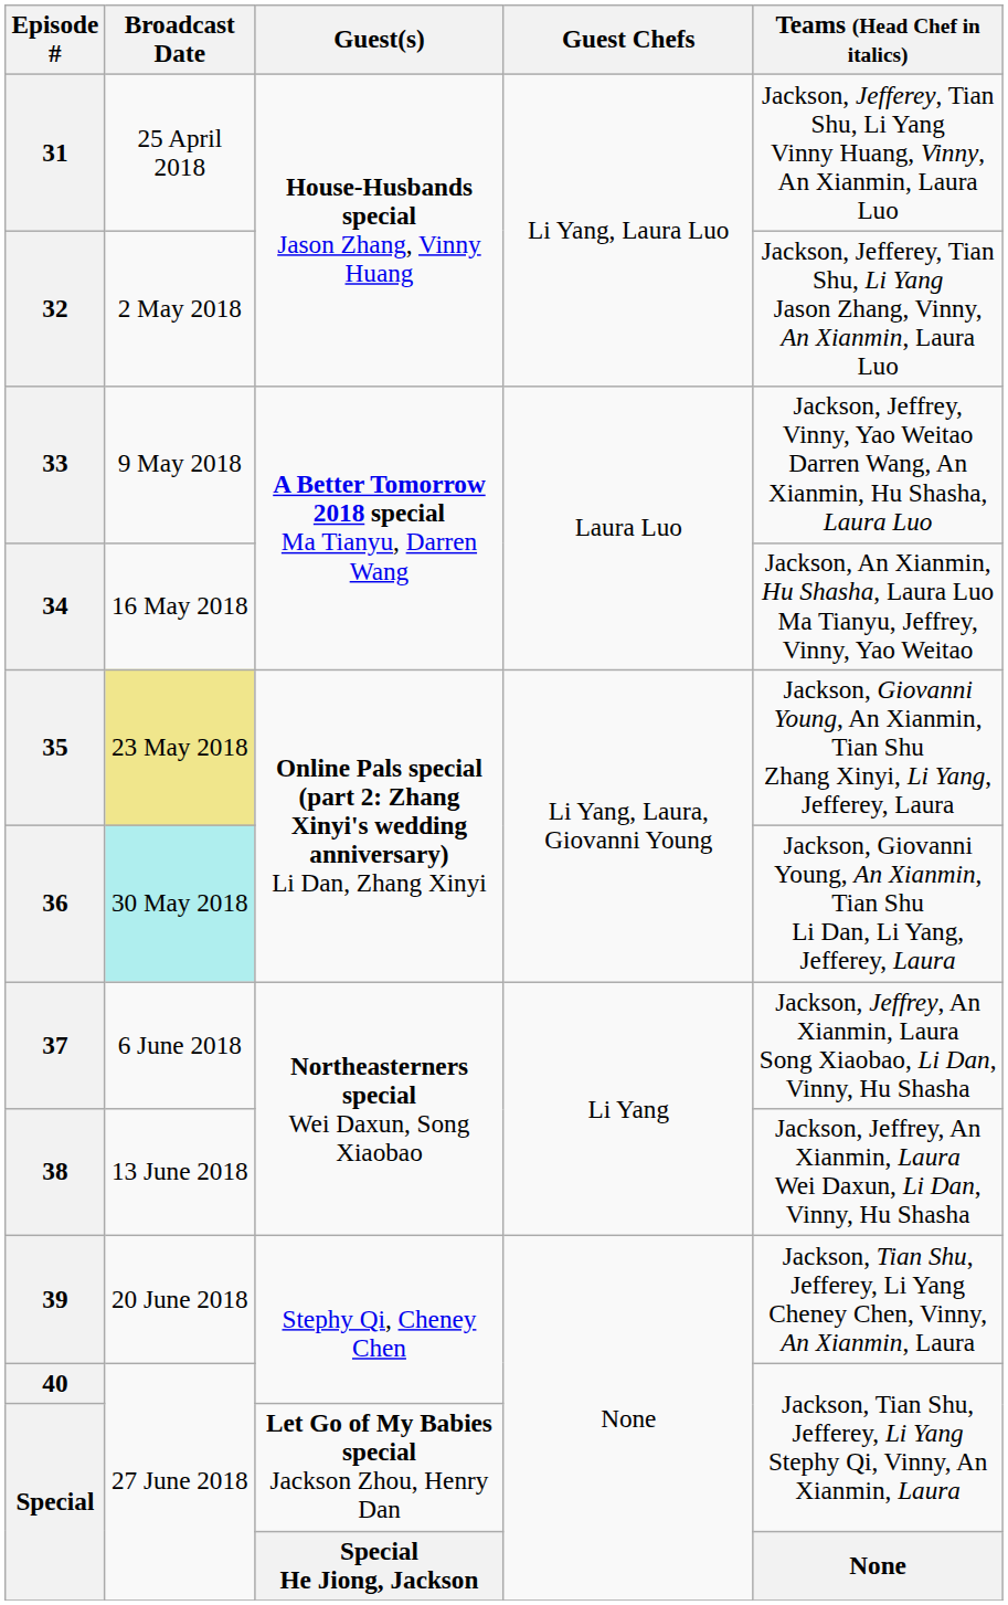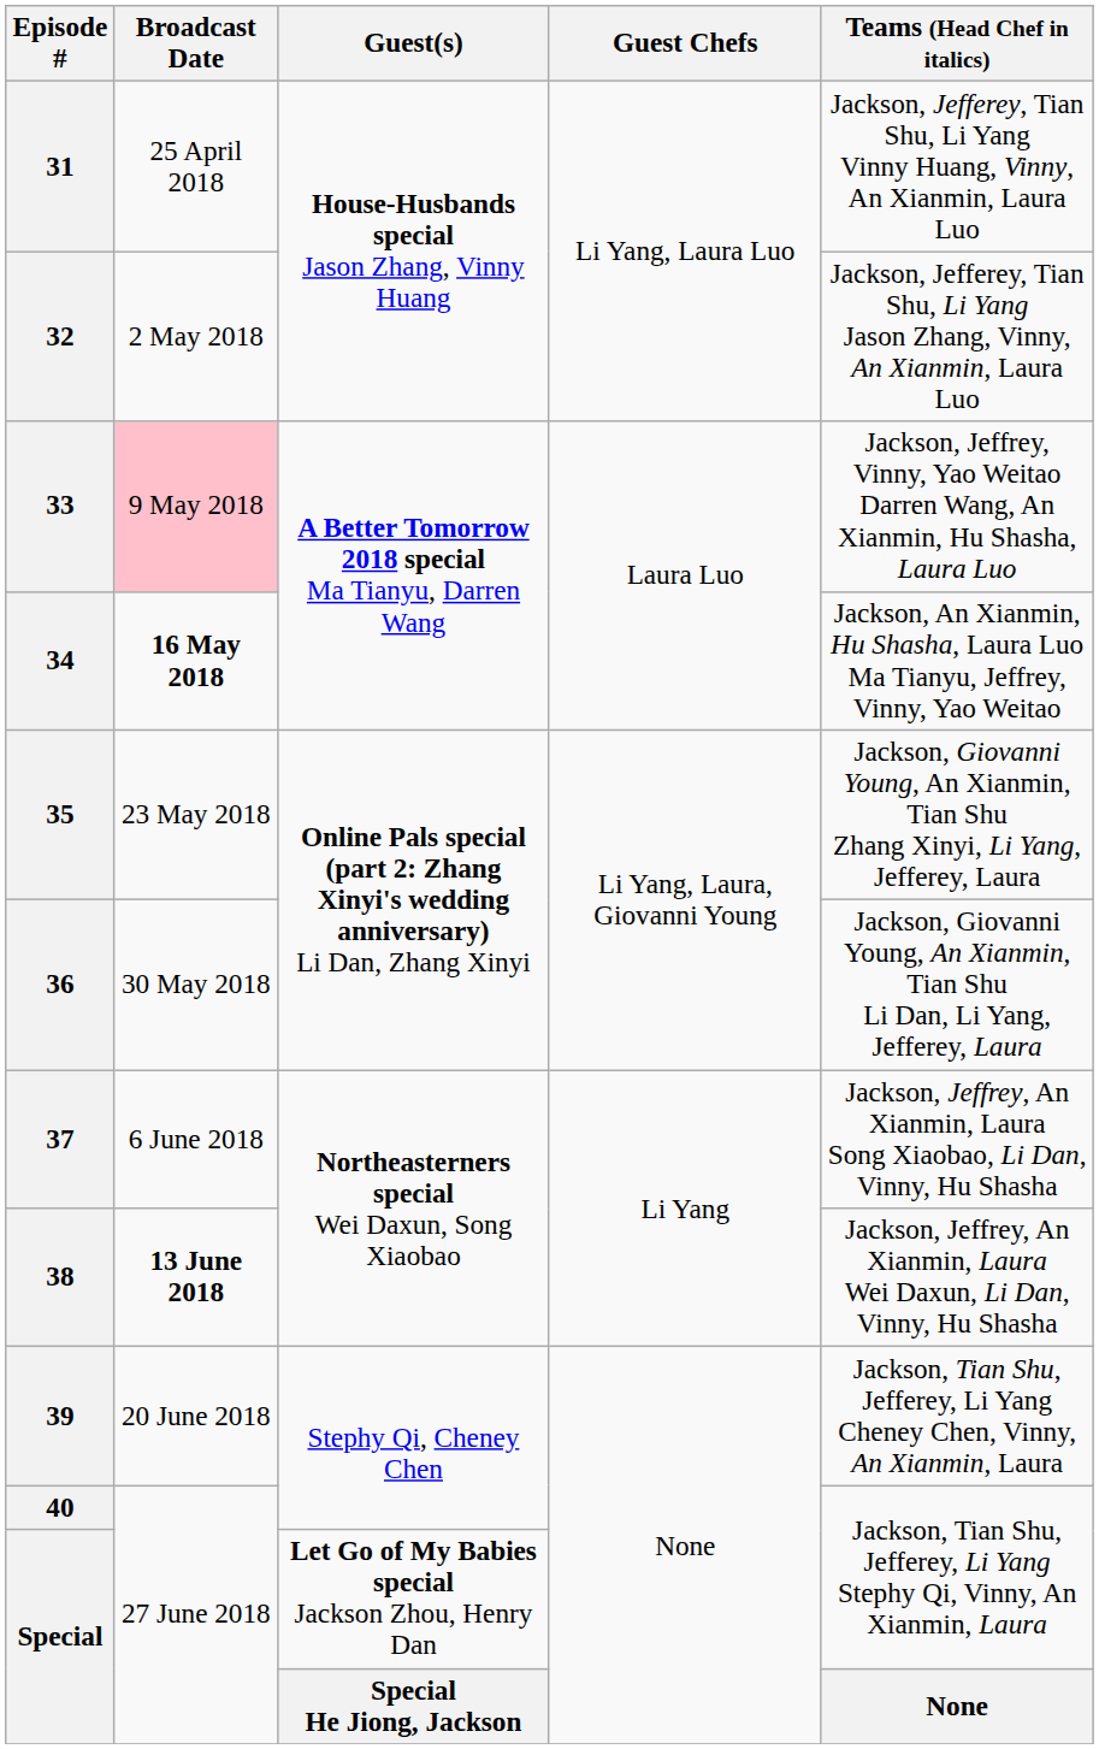 <table class="wikitable" style="text-align:center; width:100%">
 <tr>
 <th style="width:10%;”">Episode #</th>
 <th style="width:15%;”">Broadcast Date</th>
 <th style="width:25%;”">Guest(s)</th>
 <th style="width:25%;”">Guest Chefs</th>
 <th style="width:25%;”">Teams <small>(Head Chef in italics)</small></th>
 </tr>
 <tr>
 <th>31</th>
 <td>25 April 2018</td>
 <td rowspan="2"><strong>House-Husbands special</strong><br><a href='#'>Jason Zhang</a>, <a href='#'>Vinny Huang</a></td>
 <td rowspan="2">Li Yang, Laura Luo</td>
 <td>Jackson, <em>Jefferey</em>, Tian Shu, Li Yang<br>Vinny Huang, <em>Vinny</em>, An Xianmin, Laura Luo</td>
 </tr>
 <tr>
 <th>32</th>
 <td>2 May 2018</td>
 <td>Jackson, Jefferey, Tian Shu, <em>Li Yang</em><br>Jason Zhang, Vinny, <em>An Xianmin</em>, Laura Luo</td>
 </tr>
 <tr>
 <th>33</th>
-<td>9 May 2018</td>
+<td style="background: pink;">9 May 2018</td>
 <td rowspan="2"><strong><a href='#'>A Better Tomorrow 2018</a> special</strong><br><a href='#'>Ma Tianyu</a>,  <a href='#'>Darren Wang</a></td>
 <td rowspan="2">Laura Luo</td>
 <td>Jackson, Jeffrey, Vinny, Yao Weitao<br>Darren Wang, An Xianmin, Hu Shasha, <em>Laura Luo</em></td>
 </tr>
 <tr>
 <th>34</th>
-<td>16 May 2018</td>
+<td><strong>16 May 2018</strong></td>
 <td>Jackson, An Xianmin, <em>Hu Shasha</em>, Laura Luo<br>Ma Tianyu, Jeffrey, Vinny, Yao Weitao</td>
 </tr>
 <tr>
 <th>35</th>
-<td style="background: khaki;">23 May 2018</td>
+<td>23 May 2018</td>
 <td rowspan="2"><strong>Online Pals special (part 2: Zhang Xinyi's wedding anniversary)</strong><br>Li Dan, Zhang Xinyi</td>
 <td rowspan="2">Li Yang, Laura, Giovanni Young</td>
 <td>Jackson, <em>Giovanni Young</em>, An Xianmin, Tian Shu<br>Zhang Xinyi, <em>Li Yang</em>, Jefferey, Laura</td>
 </tr>
 <tr>
 <th>36</th>
-<td style="background: paleturquoise;">30 May 2018</td>
+<td>30 May 2018</td>
 <td>Jackson, Giovanni Young, <em>An Xianmin</em>, Tian Shu<br>Li Dan, Li Yang, Jefferey, <em>Laura</em></td>
 </tr>
 <tr>
 <th>37</th>
 <td>6 June 2018</td>
 <td rowspan="2"><strong>Northeasterners special</strong><br>Wei Daxun, Song Xiaobao</td>
 <td rowspan="2">Li Yang</td>
 <td>Jackson, <em>Jeffrey</em>, An Xianmin, Laura<br>Song Xiaobao, <em>Li Dan</em>, Vinny, Hu Shasha</td>
 </tr>
 <tr>
 <th>38</th>
-<td>13 June 2018</td>
+<td><strong>13 June 2018</strong></td>
 <td>Jackson, Jeffrey, An Xianmin, <em>Laura</em><br>Wei Daxun, <em>Li Dan</em>, Vinny, Hu Shasha</td>
 </tr>
 <tr>
 <th>39</th>
 <td>20 June 2018</td>
 <td rowspan="2"><br><a href='#'>Stephy Qi</a>, <a href='#'>Cheney Chen</a></td>
 <td rowspan="4">None</td>
 <td>Jackson, <em>Tian Shu</em>, Jefferey, Li Yang<br>Cheney Chen, Vinny, <em>An Xianmin</em>, Laura</td>
 </tr>
 <tr>
 <th>40</th>
 <td rowspan="3">27 June 2018</td>
 <td rowspan="2">Jackson, Tian Shu, Jefferey, <em>Li Yang</em><br>Stephy Qi, Vinny, An Xianmin, <em>Laura</em></td>
 </tr>
 <tr>
 <th rowspan="2">Special</th>
 <td><strong>Let Go of My Babies special</strong><br>Jackson Zhou, Henry Dan</td>
 </tr>
 <tr>
 <th>Special<br>He Jiong, Jackson</th>
 <th>None</th>
 </tr>
 </table>
